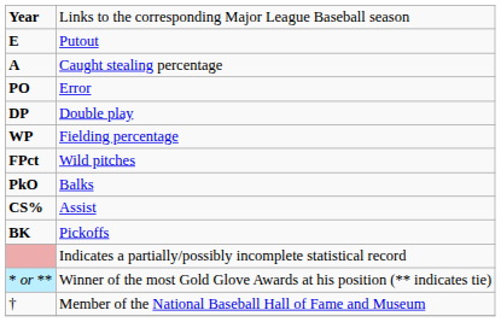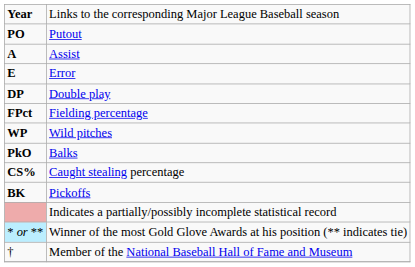 <table class="wikitable" border="1">
 <tr>
 <td><strong>Year</strong></td>
 <td>Links to the corresponding Major League Baseball season</td>
 </tr>
 <tr>
-<td><strong>E</strong></td>
+<td><strong>PO</strong></td>
 <td><a href='#'>Putout</a></td>
 </tr>
 <tr>
 <td><strong>A</strong></td>
-<td><a href='#'>Caught stealing</a> percentage</td>
+<td><a href='#'>Assist</a></td>
 </tr>
 <tr>
-<td><strong>PO</strong></td>
+<td><strong>E</strong></td>
 <td><a href='#'>Error</a></td>
 </tr>
 <tr>
 <td><strong>DP</strong></td>
 <td><a href='#'>Double play</a></td>
 </tr>
 <tr>
-<td><strong>WP</strong></td>
+<td><strong>FPct</strong></td>
 <td><a href='#'>Fielding percentage</a></td>
 </tr>
 <tr>
-<td><strong>FPct</strong></td>
+<td><strong>WP</strong></td>
 <td><a href='#'>Wild pitches</a></td>
 </tr>
 <tr>
 <td><strong>PkO</strong></td>
 <td><a href='#'>Balks</a></td>
 </tr>
 <tr>
 <td><strong>CS%</strong></td>
-<td><a href='#'>Assist</a></td>
+<td><a href='#'>Caught stealing</a> percentage</td>
 </tr>
 <tr>
 <td><strong>BK</strong></td>
 <td><a href='#'>Pickoffs</a></td>
 </tr>
 <tr>
 <td bgcolor=#eeabab></td>
 <td>Indicates a partially/possibly incomplete statistical record</td>
 </tr>
 <tr>
 <td bgcolor=#bbeeff>* <em>or</em> **</td>
 <td>Winner of the most Gold Glove Awards at his position (** indicates tie)</td>
 </tr>
 <tr>
 <td>†</td>
 <td>Member of the <a href='#'>National Baseball Hall of Fame and Museum</a></td>
 </tr>
 <tr>
 </tr>
 </table>
